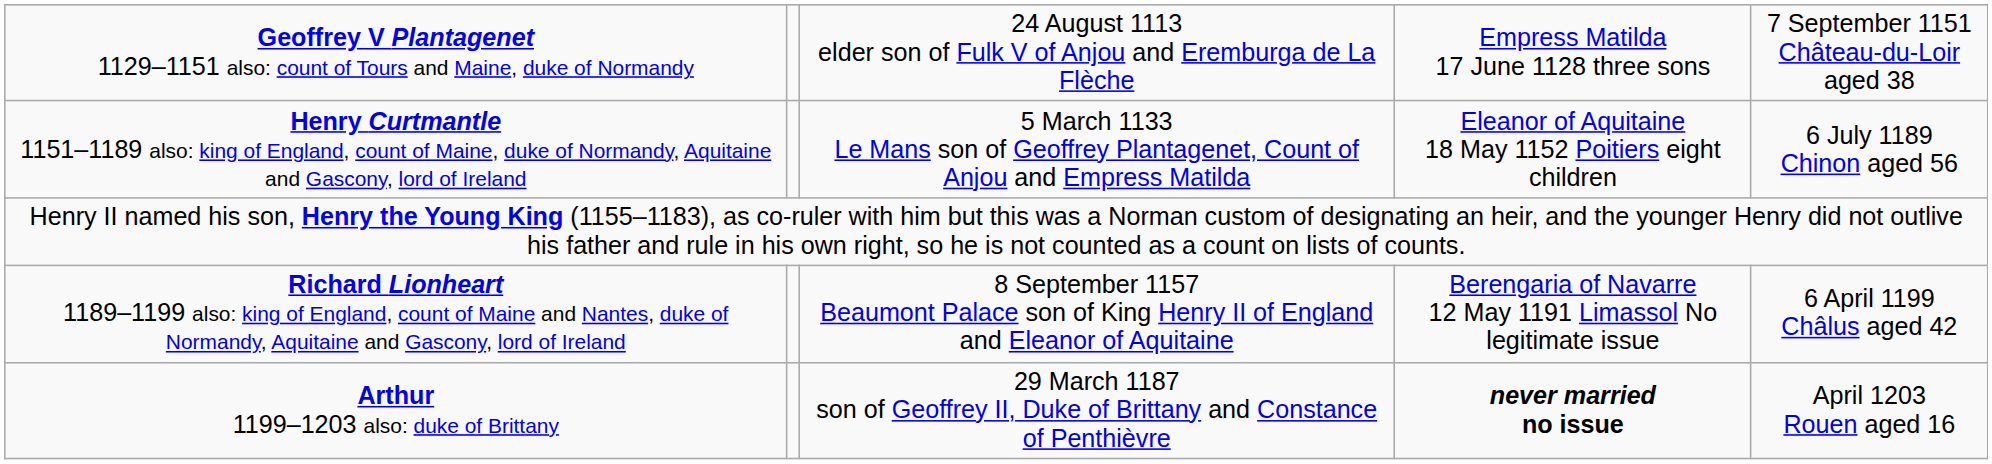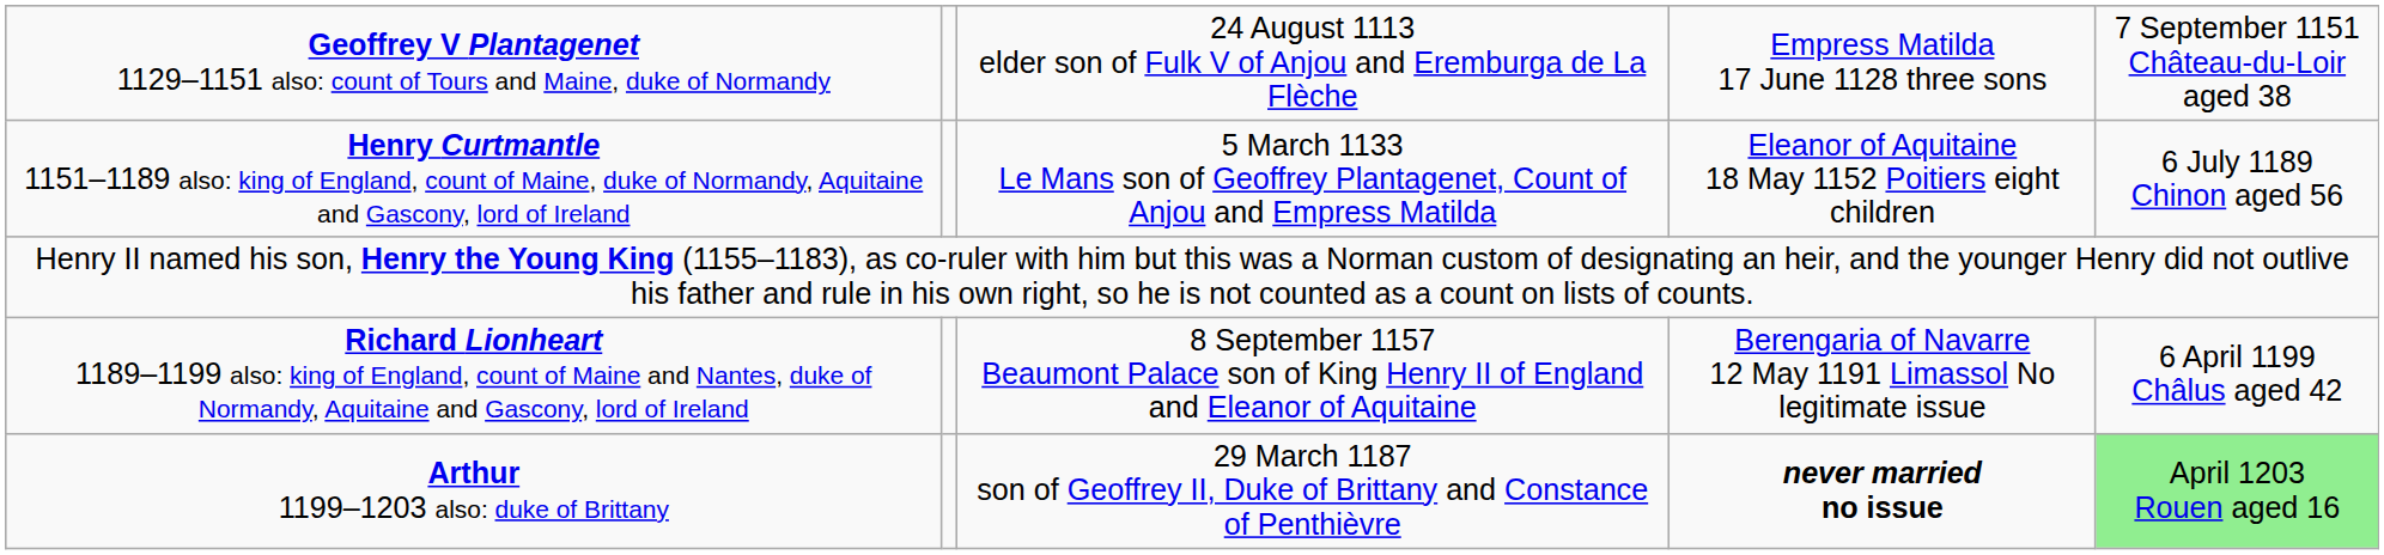 <table class="wikitable" style="text-align:center; width:100%">
 <tr>
 <td width="auto"><strong><a href='#'>Geoffrey V <em>Plantagenet</em></a></strong><br>1129–1151 <small>also: <a href='#'>count of Tours</a> and <a href='#'>Maine</a>, <a href='#'>duke of Normandy</a></small></td>
 <td></td>
 <td>24 August 1113<br>elder son of <a href='#'>Fulk V of Anjou</a> and <a href='#'>Eremburga de La Flèche</a></td>
 <td><a href='#'>Empress Matilda</a><br>17 June 1128 three sons</td>
 <td>7 September 1151<br><a href='#'>Château-du-Loir</a> aged 38</td>
 </tr>
 <tr>
 <td width="auto"><strong><a href='#'>Henry <em>Curtmantle</em></a></strong><br>1151–1189 <small>also: <a href='#'>king of England</a>, <a href='#'>count of Maine</a>, <a href='#'>duke of Normandy</a>, <a href='#'>Aquitaine</a> and <a href='#'>Gascony</a>, <a href='#'>lord of Ireland</a></small></td>
 <td></td>
 <td>5 March 1133<br><a href='#'>Le Mans</a> son of <a href='#'>Geoffrey Plantagenet, Count of Anjou</a> and <a href='#'>Empress Matilda</a></td>
 <td><a href='#'>Eleanor of Aquitaine</a><br>18 May 1152 <a href='#'>Poitiers</a> eight children</td>
 <td>6 July 1189<br><a href='#'>Chinon</a> aged 56</td>
 </tr>
 <tr ,>
 <td colspan=99>Henry II named his son, <strong><a href='#'>Henry the Young King</a></strong> (1155–1183), as co-ruler with him but this was a Norman custom of designating an heir, and the younger Henry did not outlive his father and rule in his own right, so he is not counted as a count on lists of counts.</td>
 </tr>
 <tr>
 <td width="auto"><strong><a href='#'>Richard <em>Lionheart</em></a></strong><br>1189–1199 <small>also: <a href='#'>king of England</a>, <a href='#'>count of Maine</a> and <a href='#'>Nantes</a>, <a href='#'>duke of Normandy</a>, <a href='#'>Aquitaine</a> and <a href='#'>Gascony</a>, <a href='#'>lord of Ireland</a></small></td>
 <td></td>
 <td>8 September 1157<br><a href='#'>Beaumont Palace</a> son of King <a href='#'>Henry II of England</a> and <a href='#'>Eleanor of Aquitaine</a></td>
 <td><a href='#'>Berengaria of Navarre</a><br>12 May 1191 <a href='#'>Limassol</a> No legitimate issue</td>
 <td>6 April 1199<br><a href='#'>Châlus</a> aged 42</td>
 </tr>
 <tr>
 <td><strong><a href='#'>Arthur</a></strong><br>1199–1203 <small>also: <a href='#'>duke of Brittany</a></small></td>
 <td></td>
 <td>29 March 1187<br>son of <a href='#'>Geoffrey II, Duke of Brittany</a> and <a href='#'>Constance of Penthièvre</a></td>
 <td><strong><em>never married</em><br>no issue</strong></td>
-<td>April 1203<br><a href='#'>Rouen</a> aged 16</td>
+<td style="background: lightgreen;">April 1203<br><a href='#'>Rouen</a> aged 16</td>
 </tr>
 </table>
